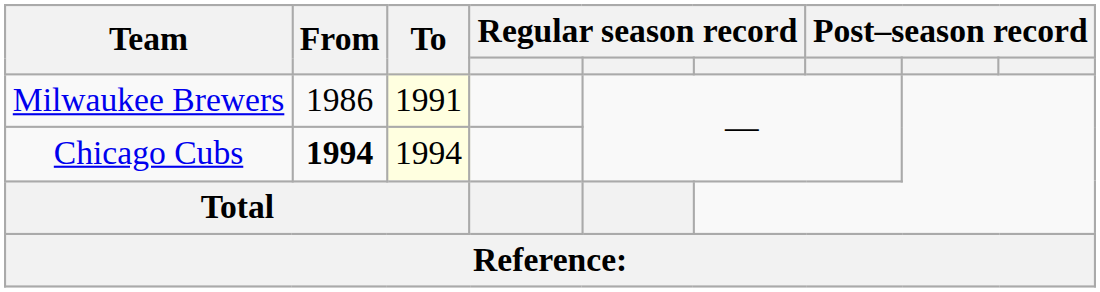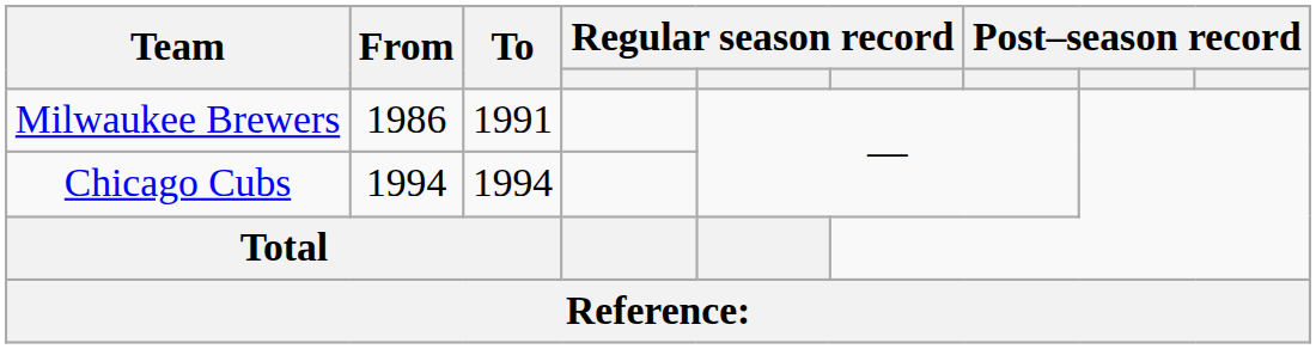 <table class="wikitable" Style="text-align: center;font-size:100%">
 <tr>
 <th rowspan="2">Team</th>
 <th rowspan="2">From</th>
 <th rowspan="2">To</th>
 <th colspan="3">Regular season record</th>
 <th colspan="3">Post–season record</th>
 </tr>
 <tr>
 <th></th>
 <th></th>
 <th></th>
 <th></th>
 <th></th>
 <th></th>
 </tr>
 <tr>
 <td><a href='#'>Milwaukee Brewers</a></td>
 <td>1986</td>
-<td style="background: lightyellow;">1991</td>
+<td>1991</td>
 <td></td>
 <td rowspan="2" colspan="3">—</td>
 </tr>
 <tr>
 <td><a href='#'>Chicago Cubs</a></td>
-<td><strong>1994</strong></td>
-<td style="background: lightyellow;">1994</td>
+<td>1994</td>
+<td>1994</td>
 <td></td>
 </tr>
 <tr>
 <th colspan="3">Total</th>
 <th></th>
 <th></th>
 </tr>
 <tr>
 <th colspan="9">Reference:</th>
 </tr>
 </table>
